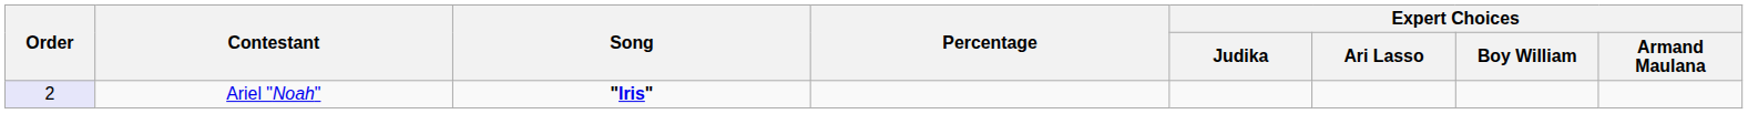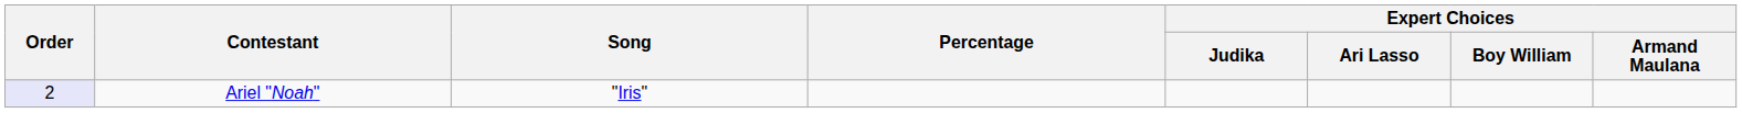 <table class="wikitable" style="text-align:center; width:100%;">
 <tr>
 <th scope="col" rowspan="2" style="width:05%;">Order</th>
 <th scope="col" rowspan="2" style="width:20%;">Contestant</th>
 <th scope="col" rowspan="2" style="width:20%;">Song</th>
 <th scope="col" rowspan="2" style="width:20%;">Percentage</th>
 <th scope="col" colspan="4" style="width:32%;">Expert Choices</th>
 </tr>
 <tr>
 <th style="width:08%;">Judika</th>
 <th style="width:08%;">Ari Lasso</th>
 <th style="width:08%;">Boy William</th>
 <th style="width:08%;">Armand Maulana</th>
 </tr>
 <tr>
 <td style="background: lavender;">2</td>
 <td><a href='#'>Ariel "<em>Noah</em>"</a></td>
-<td><strong>"<a href='#'>Iris</a>"</strong></td>
+<td>"<a href='#'>Iris</a>"</td>
 <td></td>
 <td></td>
 <td></td>
 <td></td>
 <td></td>
 </tr>
 </table>
